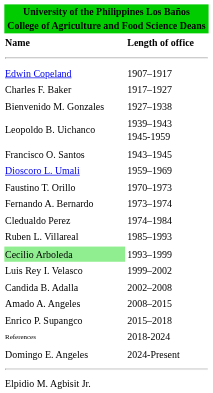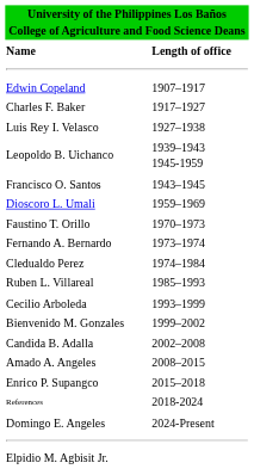 <table class="toccolours" style="float:right; margin-left:1em; font-size:90%; line-height:1.4em; width:300px;">
 <tr>
 <th colspan="2" style="text-align: center;background-color:#00cc00"><strong>University of the Philippines Los Baños<br>College of Agriculture and Food Science Deans</strong></th>
 </tr>
 <tr>
 <td><strong>Name</strong></td>
 <td><strong>Length of office</strong></td>
 </tr>
 <tr>
 <td colspan="2"><hr></td>
 </tr>
 <tr>
 <td><a href='#'>Edwin Copeland</a></td>
 <td>1907–1917</td>
 </tr>
 <tr>
 <td>Charles F. Baker</td>
 <td>1917–1927</td>
 </tr>
 <tr>
-<td>Bienvenido M. Gonzales</td>
+<td>Luis Rey I. Velasco</td>
 <td>1927–1938</td>
 </tr>
 <tr>
 <td>Leopoldo B. Uichanco</td>
 <td>1939–1943<br>1945-1959</td>
 </tr>
 <tr>
 <td>Francisco O. Santos</td>
 <td>1943–1945</td>
 </tr>
 <tr>
 <td><a href='#'>Dioscoro L. Umali</a></td>
 <td>1959–1969</td>
 </tr>
 <tr>
 <td>Faustino T. Orillo</td>
 <td>1970–1973</td>
 </tr>
 <tr>
 <td>Fernando A. Bernardo</td>
 <td>1973–1974</td>
 </tr>
 <tr>
 <td>Cledualdo Perez</td>
 <td>1974–1984</td>
 </tr>
 <tr>
 <td>Ruben L. Villareal</td>
 <td>1985–1993</td>
 </tr>
 <tr>
-<td style="background: lightgreen;">Cecilio Arboleda</td>
+<td>Cecilio Arboleda</td>
 <td>1993–1999</td>
 </tr>
 <tr>
-<td>Luis Rey I. Velasco</td>
+<td>Bienvenido M. Gonzales</td>
 <td>1999–2002</td>
 </tr>
 <tr>
 <td>Candida B. Adalla</td>
 <td>2002–2008</td>
 </tr>
 <tr>
 <td>Amado A. Angeles</td>
 <td>2008–2015</td>
 </tr>
 <tr>
 <td>Enrico P. Supangco</td>
 <td>2015–2018</td>
 </tr>
 <tr>
 <td style="font-size:70%">References</td>
 <td>2018-2024</td>
 </tr>
 <tr>
 <td>Domingo E. Angeles</td>
 <td>2024-Present</td>
 </tr>
 <tr>
 </tr>
 <tr style="font-size:75%">
 <td colspan="2"><hr></td>
 </tr>
 <tr>
 <td>Elpidio M. Agbisit Jr.</td>
 <td></td>
 </tr>
 </table>
